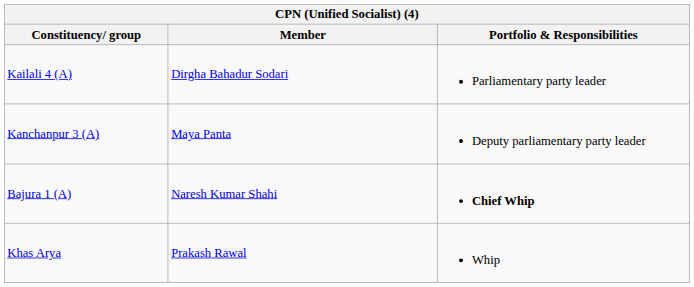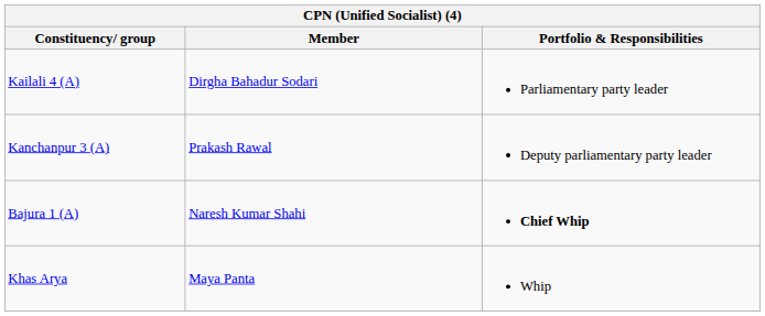 <table class="wikitable sortable">
 <tr>
 <th colspan="3" style="width: 800pt; background:">CPN (Unified Socialist) (4)</th>
 </tr>
 <tr>
 <th style="width:150pt;">Constituency/ group</th>
 <th style="width:250pt;">Member</th>
 <th>Portfolio & Responsibilities</th>
 </tr>
 <tr>
 <td><a href='#'>Kailali 4 (A)</a></td>
 <td><a href='#'>Dirgha Bahadur Sodari</a></td>
 <td><br><ul><li>Parliamentary party leader</li></ul></td>
 </tr>
 <tr>
 <td><a href='#'>Kanchanpur 3 (A)</a></td>
-<td><a href='#'>Maya Panta</a></td>
+<td><a href='#'>Prakash Rawal</a></td>
 <td><br><ul><li>Deputy parliamentary party leader</li></ul></td>
 </tr>
 <tr>
 <td><a href='#'>Bajura 1 (A)</a></td>
 <td><a href='#'>Naresh Kumar Shahi</a></td>
 <td><strong><br><ul><li>Chief Whip</li></ul></strong></td>
 </tr>
 <tr>
 <td><a href='#'>Khas Arya</a></td>
-<td><a href='#'>Prakash Rawal</a></td>
+<td><a href='#'>Maya Panta</a></td>
 <td><br><ul><li>Whip</li></ul></td>
 </tr>
 </table>
